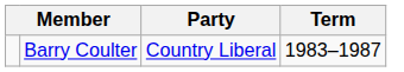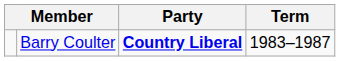 <table class="wikitable">
 <tr>
 <th colspan="2">Member</th>
 <th>Party</th>
 <th>Term</th>
 </tr>
 <tr>
 <td> </td>
 <td><a href='#'>Barry Coulter</a></td>
-<td><a href='#'>Country Liberal</a></td>
+<td><strong><a href='#'>Country Liberal</a></strong></td>
 <td>1983–1987</td>
 </tr>
 </table>
